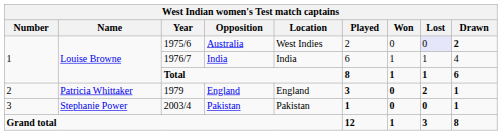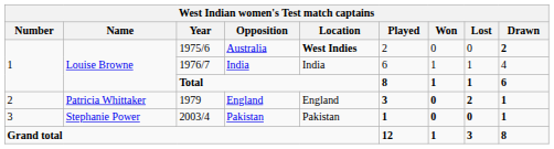 <table class="wikitable" width="90%">
 <tr>
 <th bgcolor="#efefef" colspan=9>West Indian women's Test match captains</th>
 </tr>
 <tr bgcolor="#efefef">
 <th>Number</th>
 <th>Name</th>
 <th>Year</th>
 <th>Opposition</th>
 <th>Location</th>
 <th>Played</th>
 <th>Won</th>
 <th>Lost</th>
 <th>Drawn</th>
 </tr>
 <tr>
 <td rowspan=3>1</td>
 <td rowspan="3"><a href='#'>Louise Browne</a></td>
 <td>1975/6</td>
 <td><a href='#'>Australia</a></td>
-<td>West Indies</td>
+<td><strong>West Indies</strong></td>
 <td>2</td>
 <td>0</td>
-<td style="background: lavender;">0</td>
+<td>0</td>
 <td><strong>2</strong></td>
 </tr>
 <tr>
 <td>1976/7</td>
 <td><a href='#'>India</a></td>
 <td>India</td>
 <td>6</td>
 <td>1</td>
 <td>1</td>
 <td>4</td>
 </tr>
 <tr>
 <td colspan=3><strong>Total</strong></td>
 <td><strong>8</strong></td>
 <td><strong>1</strong></td>
 <td><strong>1</strong></td>
 <td><strong>6</strong></td>
 </tr>
 <tr>
 <td>2</td>
 <td><a href='#'>Patricia Whittaker</a></td>
 <td>1979</td>
 <td><a href='#'>England</a></td>
 <td>England</td>
 <td><strong>3</strong></td>
 <td><strong>0</strong></td>
 <td><strong>2</strong></td>
 <td><strong>1</strong></td>
 </tr>
 <tr>
 <td>3</td>
 <td><a href='#'>Stephanie Power</a></td>
 <td>2003/4</td>
 <td><a href='#'>Pakistan</a></td>
 <td>Pakistan</td>
 <td><strong>1</strong></td>
 <td><strong>0</strong></td>
 <td><strong>0</strong></td>
 <td><strong>1</strong></td>
 </tr>
 <tr>
 <td colspan=5><strong>Grand total</strong></td>
 <td><strong>12</strong></td>
 <td><strong>1</strong></td>
 <td><strong>3</strong></td>
 <td><strong>8</strong></td>
 </tr>
 </table>
